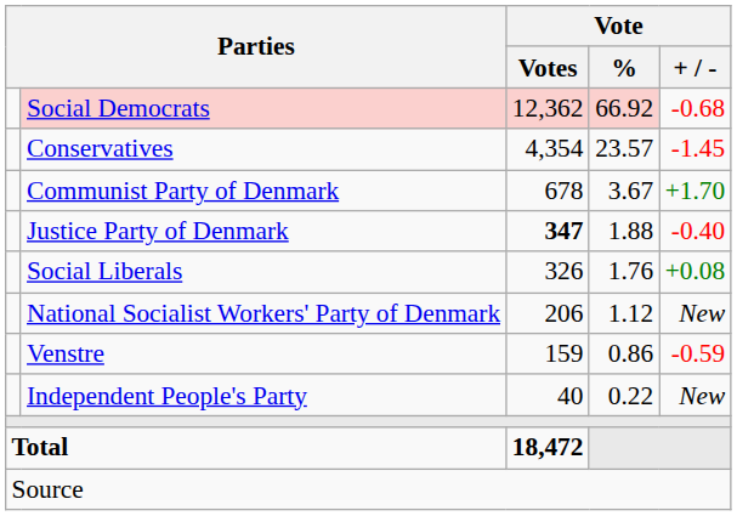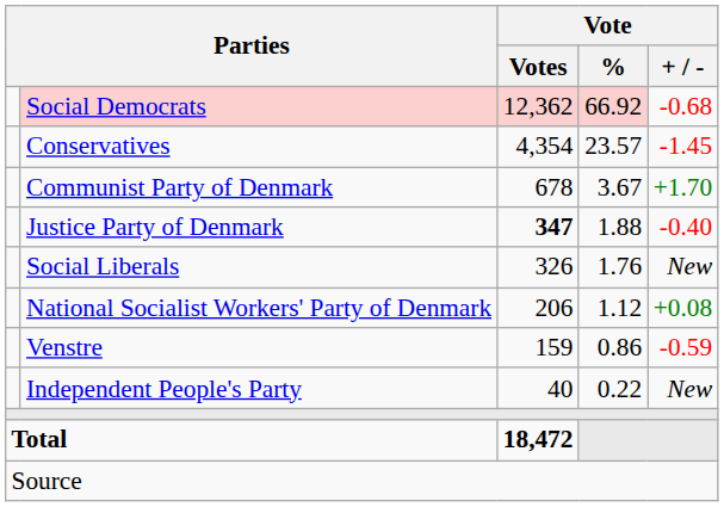 <table class="wikitable" style="text-align:right;">
 <tr>
 <th style="text-align:centre;" rowspan="2" colspan="2" width="225">Parties</th>
 <th colspan="3">Vote</th>
 </tr>
 <tr>
 <th width="15">Votes</th>
 <th width="15">%</th>
 <th width="15">+ / -</th>
 </tr>
 <tr>
 <td width="2" style="color:inherit;background:"></td>
 <td bgcolor=#fbd0ce  align="left"><a href='#'>Social Democrats</a></td>
 <td bgcolor=#fbd0ce>12,362</td>
 <td bgcolor=#fbd0ce>66.92</td>
 <td style=color:red;>-0.68</td>
 </tr>
 <tr>
 <td width="2" style="color:inherit;background:"></td>
 <td align="left"><a href='#'>Conservatives</a></td>
 <td>4,354</td>
 <td>23.57</td>
 <td style=color:red;>-1.45</td>
 </tr>
 <tr>
 <td width="2" style="color:inherit;background:"></td>
 <td align="left"><a href='#'>Communist Party of Denmark</a></td>
 <td>678</td>
 <td>3.67</td>
 <td style=color:green;>+1.70</td>
 </tr>
 <tr>
 <td width="2" style="color:inherit;background:"></td>
 <td align="left"><a href='#'>Justice Party of Denmark</a></td>
 <td><strong>347</strong></td>
 <td>1.88</td>
 <td style=color:red;>-0.40</td>
 </tr>
 <tr>
 <td width="2" style="color:inherit;background:"></td>
 <td align="left"><a href='#'>Social Liberals</a></td>
 <td>326</td>
 <td>1.76</td>
-<td style=color:green;>+0.08</td>
+<td><em>New</em></td>
 </tr>
 <tr>
 <td width="2" style="color:inherit;background:"></td>
 <td align="left"><a href='#'>National Socialist Workers' Party of Denmark</a></td>
 <td>206</td>
 <td>1.12</td>
-<td><em>New</em></td>
+<td style=color:green;>+0.08</td>
 </tr>
 <tr>
 <td width="2" style="color:inherit;background:"></td>
 <td align="left"><a href='#'>Venstre</a></td>
 <td>159</td>
 <td>0.86</td>
 <td style=color:red;>-0.59</td>
 </tr>
 <tr>
 <td width="2" style="color:inherit;background:"></td>
 <td align="left"><a href='#'>Independent People's Party</a></td>
 <td>40</td>
 <td>0.22</td>
 <td><em>New</em></td>
 </tr>
 <tr>
 <td colspan="7" bgcolor="#E9E9E9"></td>
 </tr>
 <tr>
 <td align="left" colspan="2"><strong>Total</strong></td>
 <td><strong>18,472</strong></td>
 <td bgcolor="#E9E9E9" colspan="2"></td>
 </tr>
 <tr>
 <td align="left" colspan="6">Source</td>
 </tr>
 </table>
